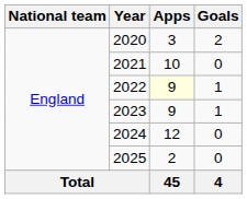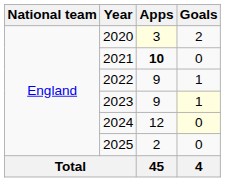 <table class="wikitable" style="text-align: center;">
 <tr>
 <th>National team</th>
 <th>Year</th>
 <th>Apps</th>
 <th>Goals</th>
 </tr>
 <tr>
 <td rowspan="6"><a href='#'>England</a></td>
 <td>2020</td>
-<td>3</td>
+<td style="background: lightyellow;">3</td>
 <td>2</td>
 </tr>
 <tr>
 <td>2021</td>
-<td>10</td>
+<td><strong>10</strong></td>
 <td>0</td>
 </tr>
 <tr>
 <td>2022</td>
-<td style="background: lightyellow;">9</td>
+<td>9</td>
 <td>1</td>
 </tr>
 <tr>
 <td>2023</td>
 <td>9</td>
-<td>1</td>
+<td style="background: lightyellow;">1</td>
 </tr>
 <tr>
 <td>2024</td>
 <td>12</td>
-<td>0</td>
+<td style="background: lightyellow;">0</td>
 </tr>
 <tr>
 <td>2025</td>
 <td>2</td>
 <td>0</td>
 </tr>
 <tr>
 <th colspan="2">Total</th>
 <th>45</th>
 <th>4</th>
 </tr>
 </table>
